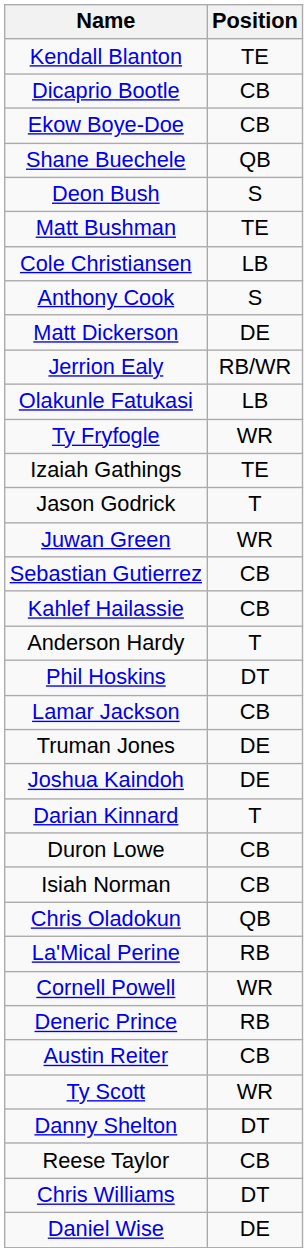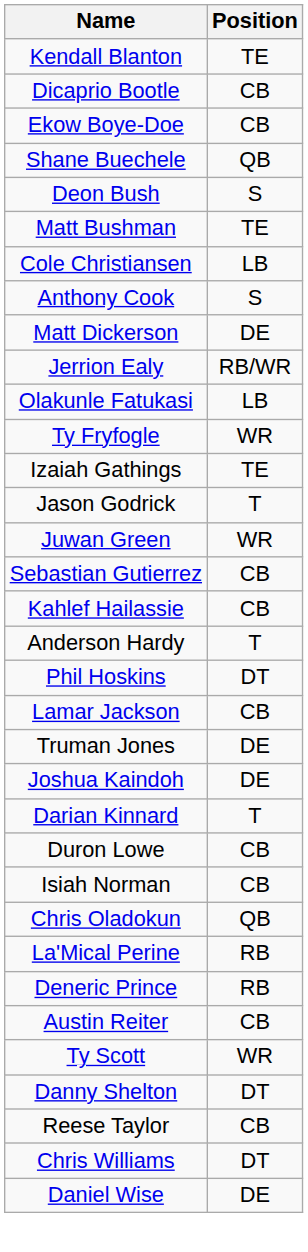 <table class="wikitable sortable" style="text-align:center">
 <tr>
 <th>Name</th>
 <th>Position</th>
 </tr>
 <tr>
 <td><a href='#'>Kendall Blanton</a></td>
 <td>TE</td>
 </tr>
 <tr>
 <td><a href='#'>Dicaprio Bootle</a></td>
 <td>CB</td>
 </tr>
 <tr>
 <td><a href='#'>Ekow Boye-Doe</a></td>
 <td>CB</td>
 </tr>
 <tr>
 <td><a href='#'>Shane Buechele</a></td>
 <td>QB</td>
 </tr>
 <tr>
 <td><a href='#'>Deon Bush</a></td>
 <td>S</td>
 </tr>
 <tr>
 <td><a href='#'>Matt Bushman</a></td>
 <td>TE</td>
 </tr>
 <tr>
 <td><a href='#'>Cole Christiansen</a></td>
 <td>LB</td>
 </tr>
 <tr>
 <td><a href='#'>Anthony Cook</a></td>
 <td>S</td>
 </tr>
 <tr>
 <td><a href='#'>Matt Dickerson</a></td>
 <td>DE</td>
 </tr>
 <tr>
 <td><a href='#'>Jerrion Ealy</a></td>
 <td>RB/WR</td>
 </tr>
 <tr>
 <td><a href='#'>Olakunle Fatukasi</a></td>
 <td>LB</td>
 </tr>
 <tr>
 <td><a href='#'>Ty Fryfogle</a></td>
 <td>WR</td>
 </tr>
 <tr>
 <td>Izaiah Gathings</td>
 <td>TE</td>
 </tr>
 <tr>
 <td>Jason Godrick</td>
 <td>T</td>
 </tr>
 <tr>
 <td><a href='#'>Juwan Green</a></td>
 <td>WR</td>
 </tr>
 <tr>
 <td><a href='#'>Sebastian Gutierrez</a></td>
 <td>CB</td>
 </tr>
 <tr>
 <td><a href='#'>Kahlef Hailassie</a></td>
 <td>CB</td>
 </tr>
 <tr>
 <td>Anderson Hardy</td>
 <td>T</td>
 </tr>
 <tr>
 <td><a href='#'>Phil Hoskins</a></td>
 <td>DT</td>
 </tr>
 <tr>
 <td><a href='#'>Lamar Jackson</a></td>
 <td>CB</td>
 </tr>
 <tr>
 <td>Truman Jones</td>
 <td>DE</td>
 </tr>
 <tr>
 <td><a href='#'>Joshua Kaindoh</a></td>
 <td>DE</td>
 </tr>
 <tr>
 <td><a href='#'>Darian Kinnard</a></td>
 <td>T</td>
 </tr>
 <tr>
 <td>Duron Lowe</td>
 <td>CB</td>
 </tr>
 <tr>
 <td>Isiah Norman</td>
 <td>CB</td>
 </tr>
 <tr>
 <td><a href='#'>Chris Oladokun</a></td>
 <td>QB</td>
 </tr>
 <tr>
 <td><a href='#'>La'Mical Perine</a></td>
 <td>RB</td>
 </tr>
 <tr>
-<td><a href='#'>Cornell Powell</a></td>
-<td>WR</td>
-</tr>
-<tr>
 <td><a href='#'>Deneric Prince</a></td>
 <td>RB</td>
 </tr>
 <tr>
 <td><a href='#'>Austin Reiter</a></td>
 <td>CB</td>
 </tr>
 <tr>
 <td><a href='#'>Ty Scott</a></td>
 <td>WR</td>
 </tr>
 <tr>
 <td><a href='#'>Danny Shelton</a></td>
 <td>DT</td>
 </tr>
 <tr>
 <td>Reese Taylor</td>
 <td>CB</td>
 </tr>
 <tr>
 <td><a href='#'>Chris Williams</a></td>
 <td>DT</td>
 </tr>
 <tr>
 <td><a href='#'>Daniel Wise</a></td>
 <td>DE</td>
 </tr>
 </table>
